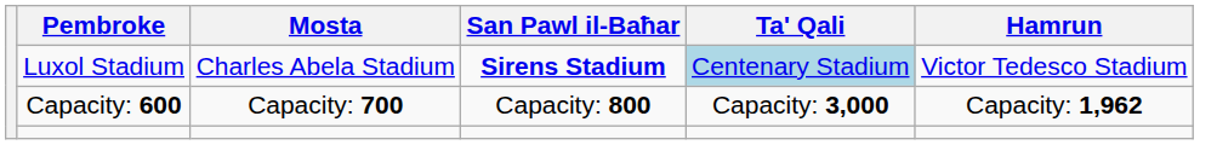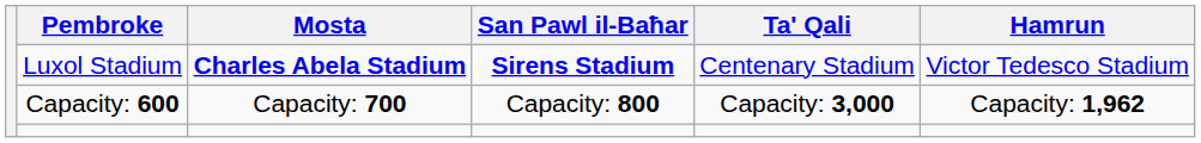 <table class="wikitable" style="text-align:center">
 <tr>
 <th rowspan="4"></th>
 <th><a href='#'>Pembroke</a></th>
 <th><a href='#'>Mosta</a></th>
 <th><a href='#'>San Pawl il-Baħar</a></th>
 <th><a href='#'>Ta' Qali</a></th>
 <th><a href='#'>Hamrun</a></th>
 </tr>
 <tr>
 <td><a href='#'>Luxol Stadium</a></td>
-<td><a href='#'>Charles Abela Stadium</a></td>
+<td><strong><a href='#'>Charles Abela Stadium</a></strong></td>
 <td><strong><a href='#'>Sirens Stadium</a></strong></td>
-<td style="background: lightblue;"><a href='#'>Centenary Stadium</a></td>
+<td><a href='#'>Centenary Stadium</a></td>
 <td><a href='#'>Victor Tedesco Stadium</a></td>
 </tr>
 <tr>
 <td>Capacity: <strong>600</strong></td>
 <td>Capacity: <strong>700</strong></td>
 <td>Capacity: <strong>800</strong></td>
 <td>Capacity: <strong>3,000</strong></td>
 <td>Capacity: <strong>1,962</strong></td>
 </tr>
 <tr>
 <td></td>
 <td></td>
 <td></td>
 <td></td>
 <td></td>
 </tr>
 </table>
